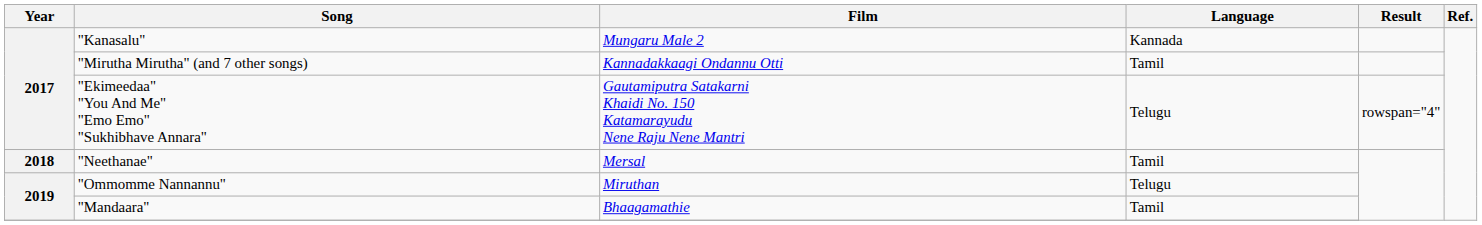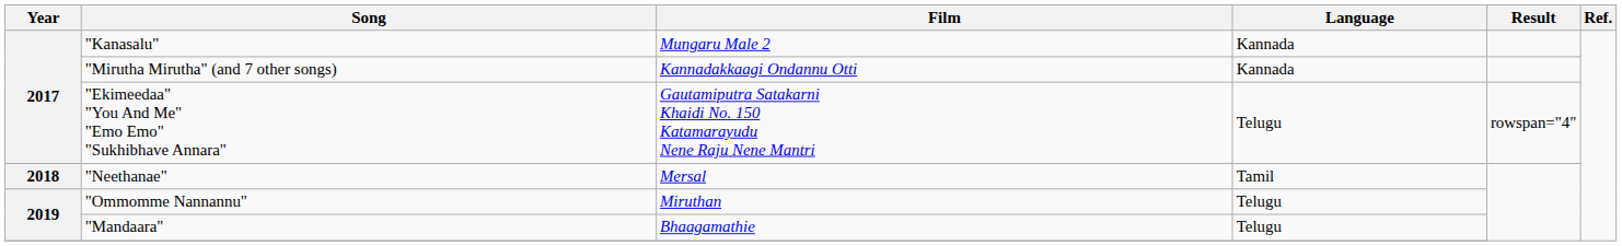 <table class="wikitable plainrowheaders" width="100%" textcolor:#000;">
 <tr>
 <th scope="col" width=5%><strong>Year</strong></th>
 <th scope="col" width=39%><strong>Song</strong></th>
 <th scope="col" width=39%><strong>Film</strong></th>
 <th scope="col" width=39%><strong>Language</strong></th>
 <th scope="col" width=15%><strong>Result</strong></th>
 <th scope="col" width=2%><strong>Ref.</strong></th>
 </tr>
 <tr>
 <th scope="row" rowspan="3"><strong>2017</strong></th>
 <td>"Kanasalu"</td>
 <td><em><a href='#'>Mungaru Male 2</a></em></td>
 <td>Kannada</td>
 <td></td>
 <td rowspan="7"></td>
 </tr>
 <tr>
 <td>"Mirutha Mirutha" (and 7 other songs)</td>
 <td><em><a href='#'>Kannadakkaagi Ondannu Otti</a></em></td>
-<td>Tamil</td>
+<td>Kannada</td>
 <td></td>
 </tr>
 <tr>
 <td>"Ekimeedaa"<br>"You And Me"<br>"Emo Emo"<br>"Sukhibhave Annara"</td>
 <td><a href='#'><em>Gautamiputra Satakarni</em></a><br><em><a href='#'>Khaidi No. 150</a></em><br><em><a href='#'>Katamarayudu</a></em><br><em><a href='#'>Nene Raju Nene Mantri</a></em></td>
 <td>Telugu</td>
 <td>rowspan="4" </td>
 </tr>
 <tr>
 <th scope="row">2018</th>
 <td>"Neethanae"</td>
 <td><a href='#'><em>Mersal</em></a></td>
 <td>Tamil</td>
 </tr>
 <tr>
 <th scope="row" rowspan="2">2019</th>
 <td>"Ommomme Nannannu"</td>
 <td><em><a href='#'>Miruthan</a></em></td>
 <td>Telugu</td>
 </tr>
 <tr>
 <td>"Mandaara"</td>
 <td><em><a href='#'>Bhaagamathie</a></em></td>
-<td>Tamil</td>
+<td>Telugu</td>
 </tr>
 <tr>
 </tr>
 </table>
